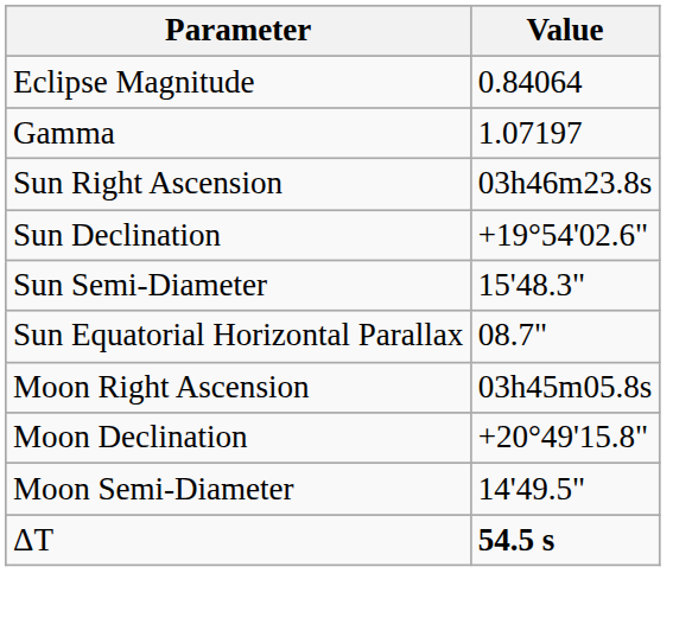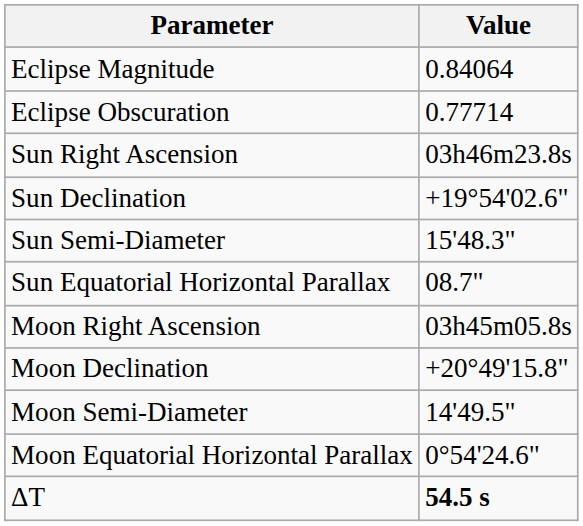 <table class="wikitable">
 <tr>
 <th>Parameter</th>
 <th>Value</th>
 </tr>
 <tr>
 <td>Eclipse Magnitude</td>
 <td>0.84064</td>
 </tr>
 <tr>
-<td>Gamma</td>
-<td>1.07197</td>
+<td>Eclipse Obscuration</td>
+<td>0.77714</td>
 </tr>
 <tr>
 <td>Sun Right Ascension</td>
 <td>03h46m23.8s</td>
 </tr>
 <tr>
 <td>Sun Declination</td>
 <td>+19°54'02.6"</td>
 </tr>
 <tr>
 <td>Sun Semi-Diameter</td>
 <td>15'48.3"</td>
 </tr>
 <tr>
 <td>Sun Equatorial Horizontal Parallax</td>
 <td>08.7"</td>
 </tr>
 <tr>
 <td>Moon Right Ascension</td>
 <td>03h45m05.8s</td>
 </tr>
 <tr>
 <td>Moon Declination</td>
 <td>+20°49'15.8"</td>
 </tr>
 <tr>
 <td>Moon Semi-Diameter</td>
 <td>14'49.5"</td>
 </tr>
 <tr>
+<td>Moon Equatorial Horizontal Parallax</td>
+<td>0°54'24.6"</td>
+</tr>
+<tr>
 <td>ΔT</td>
 <td><strong>54.5 s</strong></td>
 </tr>
 </table>
